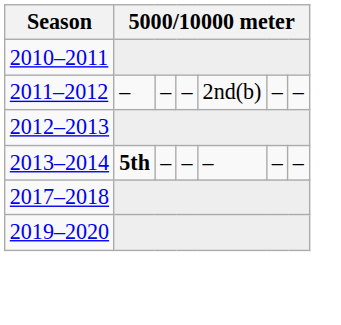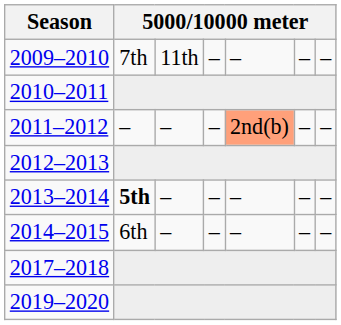 <table class="wikitable" style="display: inline-table;">
 <tr>
 <th>Season</th>
 <th colspan="6">5000/10000 meter</th>
+</tr>
+<tr>
+<td><a href='#'>2009–2010</a></td>
+<td>7th</td>
+<td>11th</td>
+<td>–</td>
+<td>–</td>
+<td>–</td>
+<td>–</td>
 </tr>
 <tr>
 <td><a href='#'>2010–2011</a></td>
 <td colspan="6" bgcolor=#EEEEEE></td>
 </tr>
 <tr>
 <td><a href='#'>2011–2012</a></td>
 <td>–</td>
 <td>–</td>
 <td>–</td>
-<td>2nd(b)</td>
+<td style="background: lightsalmon;">2nd(b)</td>
 <td>–</td>
 <td>–</td>
 </tr>
 <tr>
 <td><a href='#'>2012–2013</a></td>
 <td colspan="6" bgcolor=#EEEEEE></td>
 </tr>
 <tr>
 <td><a href='#'>2013–2014</a></td>
 <td><strong>5th</strong></td>
 <td>–</td>
 <td>–</td>
 <td>–</td>
 <td>–</td>
 <td>–</td>
 </tr>
 <tr>
+<td><a href='#'>2014–2015</a></td>
+<td>6th</td>
+<td>–</td>
+<td>–</td>
+<td>–</td>
+<td>–</td>
+<td>–</td>
+</tr>
+<tr>
 <td><a href='#'>2017–2018</a></td>
 <td colspan="6" bgcolor=#EEEEEE></td>
 </tr>
 <tr>
 <td><a href='#'>2019–2020</a></td>
 <td colspan="6" bgcolor=#EEEEEE></td>
 </tr>
 </table>
